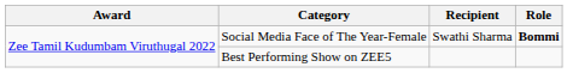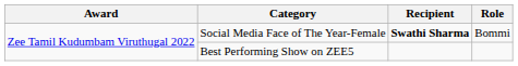 <table class="wikitable">
 <tr>
 <th>Award</th>
 <th>Category</th>
 <th>Recipient</th>
 <th>Role</th>
 </tr>
 <tr>
 <td rowspan="2"><a href='#'>Zee Tamil Kudumbam Viruthugal 2022</a></td>
 <td>Social Media Face of The Year-Female</td>
-<td>Swathi Sharma</td>
-<td><strong>Bommi</strong></td>
+<td><strong>Swathi Sharma</strong></td>
+<td>Bommi</td>
 </tr>
 <tr>
 <td>Best Performing Show on ZEE5</td>
 <td></td>
 <td></td>
 </tr>
 </table>
